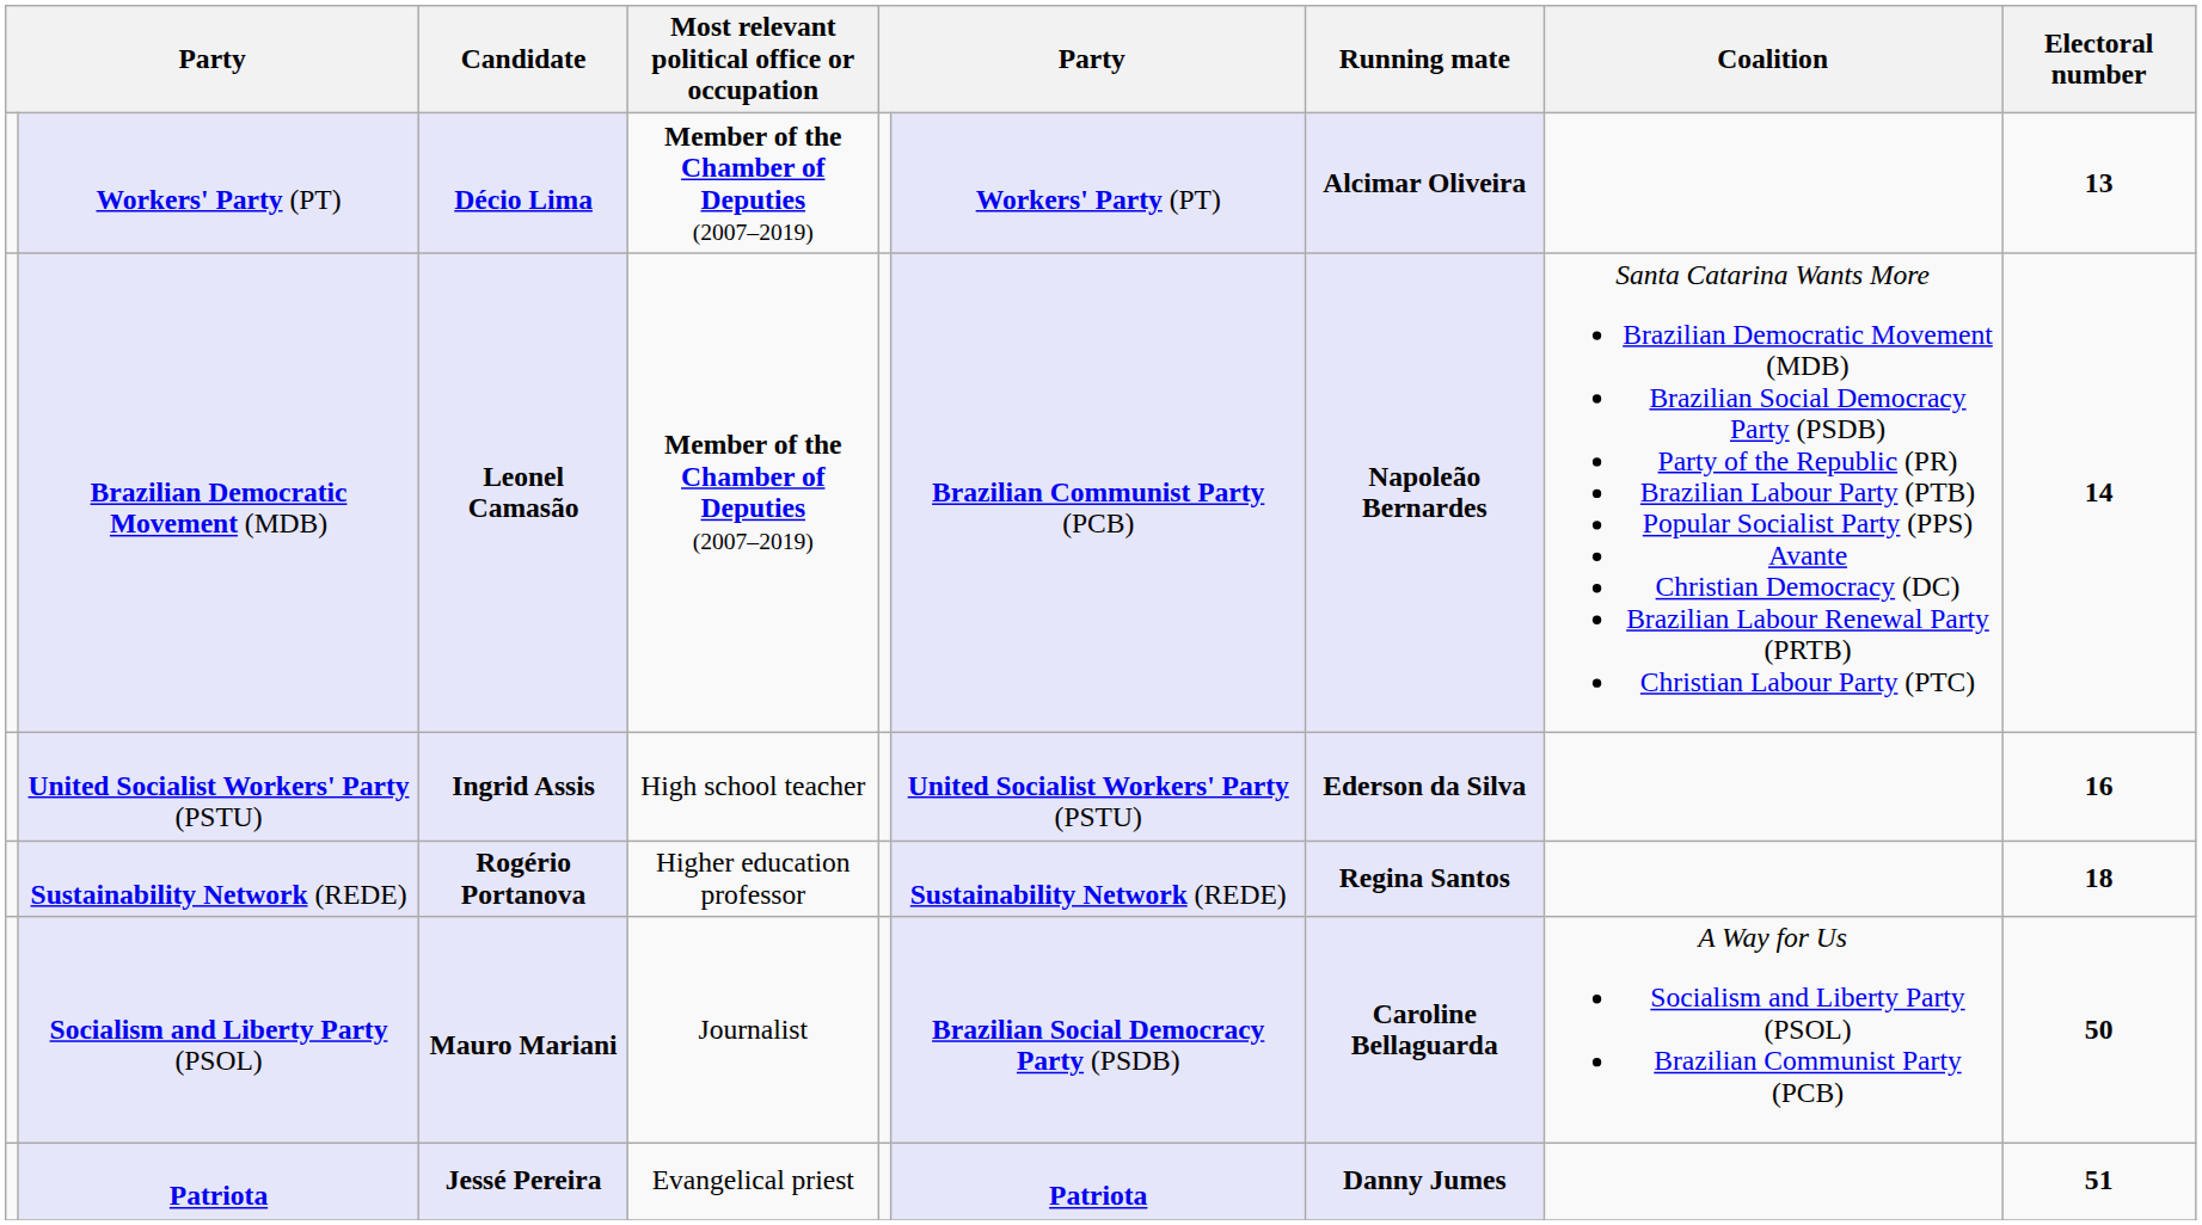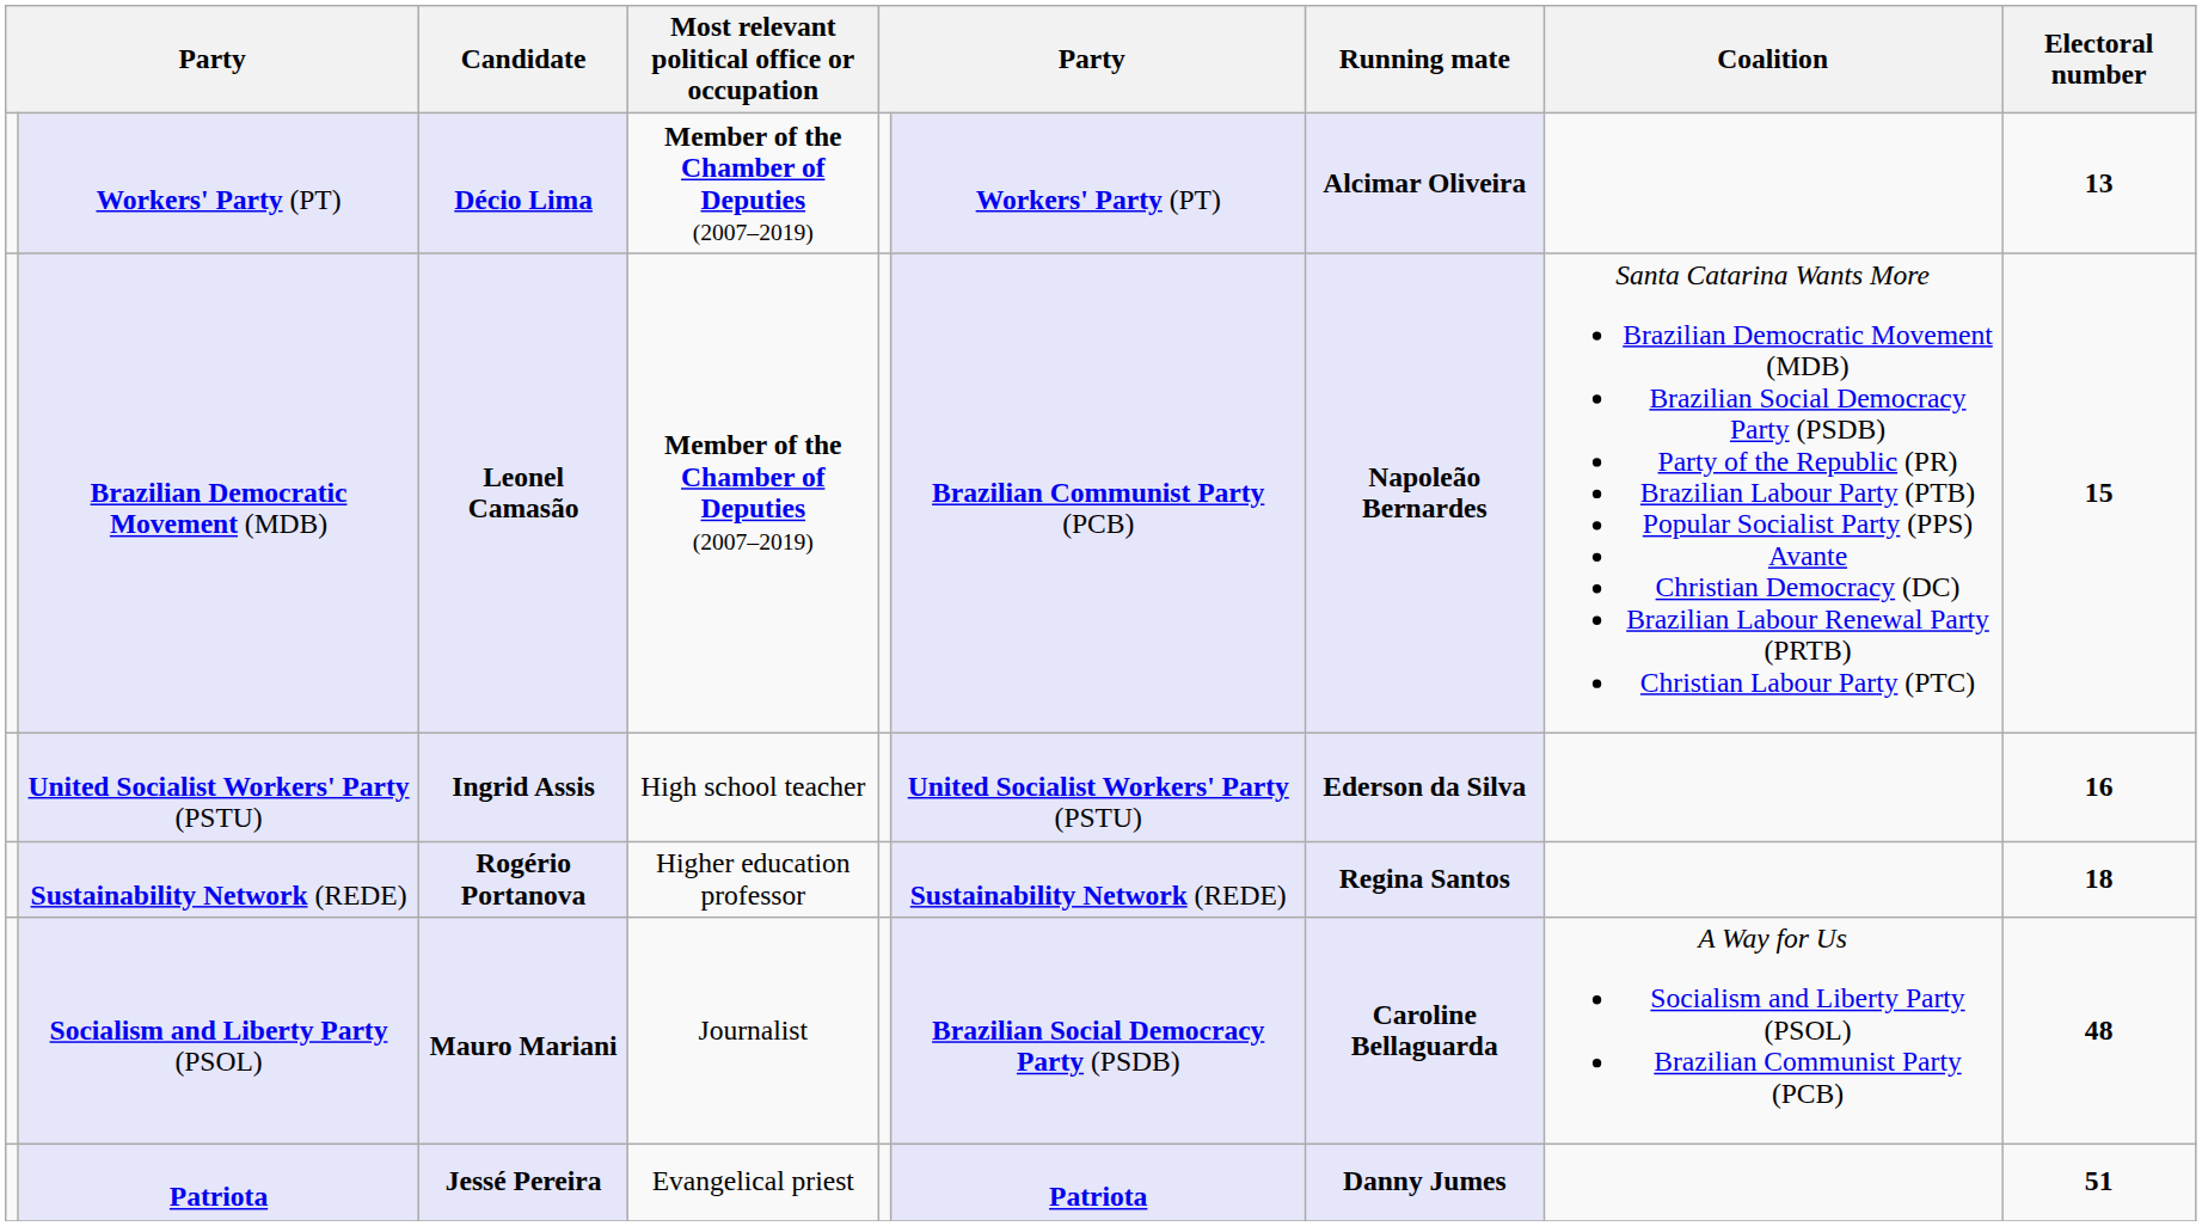 <table class="wikitable" style="text-align:center">
 <tr>
 <th colspan="2">Party</th>
 <th>Candidate</th>
 <th style="max-width:10em">Most relevant political office or occupation</th>
 <th colspan="2">Party</th>
 <th>Running mate</th>
 <th>Coalition</th>
 <th>Electoral number</th>
 </tr>
 <tr>
 <td style="background:"></td>
 <td style="background:lavender;"><br><strong><a href='#'>Workers' Party</a></strong> (PT)</td>
 <td style="background:lavender;"><br><strong><a href='#'>Décio Lima</a></strong></td>
 <td style="max-width:10em"><strong>Member of the <a href='#'>Chamber of Deputies</a></strong><br><small>(2007–2019)</small></td>
 <td style="background:"></td>
 <td style="background:lavender;"><br><strong><a href='#'>Workers' Party</a></strong> (PT)</td>
 <td style="background:lavender;"><strong>Alcimar Oliveira</strong></td>
 <td></td>
 <td><strong>13</strong></td>
 </tr>
 <tr>
 <td style="background:"></td>
 <td style="background:lavender;"><br><strong><a href='#'>Brazilian Democratic Movement</a></strong> (MDB)</td>
 <td style="background:lavender;"><strong>Leonel Camasão</strong></td>
 <td style="max-width:10em"><strong>Member of the <a href='#'>Chamber of Deputies</a></strong><br><small>(2007–2019)</small></td>
 <td style="background:"></td>
 <td style="background:lavender;"><br><strong><a href='#'>Brazilian Communist Party</a></strong> (PCB)</td>
 <td style="background:lavender;"><strong>Napoleão Bernardes</strong></td>
 <td><em>Santa Catarina Wants More</em><br><ul><li><a href='#'>Brazilian Democratic Movement</a> (MDB)</li><li><a href='#'>Brazilian Social Democracy Party</a> (PSDB)</li><li><a href='#'>Party of the Republic</a> (PR)</li><li><a href='#'>Brazilian Labour Party</a> (PTB)</li><li><a href='#'>Popular Socialist Party</a> (PPS)</li><li><a href='#'>Avante</a></li><li><a href='#'>Christian Democracy</a> (DC)</li><li><a href='#'>Brazilian Labour Renewal Party</a> (PRTB)</li><li><a href='#'>Christian Labour Party</a> (PTC)</li></ul></td>
-<td><strong>14</strong></td>
+<td><strong>15</strong></td>
 </tr>
 <tr>
 <td style="background:"></td>
 <td style="background:lavender;"><br><strong><a href='#'>United Socialist Workers' Party</a></strong> (PSTU)</td>
 <td style="background:lavender;"><strong>Ingrid Assis</strong></td>
 <td style="max-width:10em">High school teacher</td>
 <td style="background:"></td>
 <td style="background:lavender;"><br><strong><a href='#'>United Socialist Workers' Party</a></strong> (PSTU)</td>
 <td style="background:lavender;"><strong>Ederson da Silva</strong></td>
 <td></td>
 <td><strong>16</strong></td>
 </tr>
 <tr>
 <td style="background:"></td>
 <td style="background:lavender;"><br><strong><a href='#'>Sustainability Network</a></strong> (REDE)</td>
 <td style="background:lavender;"><strong>Rogério Portanova</strong></td>
 <td style="max-width:10em">Higher education professor</td>
 <td style="background:"></td>
 <td style="background:lavender;"><br><strong><a href='#'>Sustainability Network</a></strong> (REDE)</td>
 <td style="background:lavender;"><strong>Regina Santos</strong></td>
 <td></td>
 <td><strong>18</strong></td>
 </tr>
 <tr>
 <td style="background:"></td>
 <td style="background:lavender;"><br><strong><a href='#'>Socialism and Liberty Party</a></strong> (PSOL)</td>
 <td style="background:lavender;"><br><strong>Mauro Mariani</strong></td>
 <td style="max-width:10em">Journalist</td>
 <td style="background:"></td>
 <td style="background:lavender;"><br><strong><a href='#'>Brazilian Social Democracy Party</a></strong> (PSDB)</td>
 <td style="background:lavender;"><strong>Caroline Bellaguarda</strong></td>
 <td><em>A Way for Us</em><br><ul><li><a href='#'>Socialism and Liberty Party</a> (PSOL)</li><li><a href='#'>Brazilian Communist Party</a> (PCB)</li></ul></td>
-<td><strong>50</strong></td>
+<td><strong>48</strong></td>
 </tr>
 <tr>
 <td style="background:"></td>
 <td style="background:lavender;"><br><strong><a href='#'>Patriota</a></strong></td>
 <td style="background:lavender;"><strong>Jessé Pereira</strong></td>
 <td style="max-width:10em">Evangelical priest</td>
 <td style="background:"></td>
 <td style="background:lavender;"><br><strong><a href='#'>Patriota</a></strong></td>
 <td style="background:lavender;"><strong>Danny Jumes</strong></td>
 <td></td>
 <td><strong>51</strong></td>
 </tr>
 </table>
